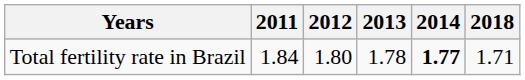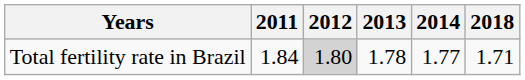 <table class="wikitable " style="text-align:right">
 <tr>
 <th>Years</th>
 <th>2011</th>
 <th>2012</th>
 <th>2013</th>
 <th>2014</th>
 <th>2018</th>
 </tr>
 <tr>
 <td align="left">Total fertility rate in Brazil</td>
 <td>1.84</td>
-<td 1.82>1.80</td>
+<td 1.82 style="background: lightgrey;">1.80</td>
 <td>1.78</td>
-<td><strong>1.77</strong></td>
+<td>1.77</td>
 <td>1.71</td>
 </tr>
 </table>
